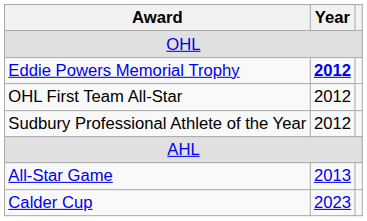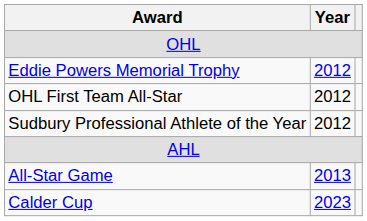 <table class="wikitable">
 <tr>
 <th>Award</th>
 <th>Year</th>
 <th></th>
 </tr>
 <tr ALIGN="center" bgcolor="#e0e0e0">
 <td colspan="3"><a href='#'>OHL</a></td>
 </tr>
 <tr>
 <td><a href='#'>Eddie Powers Memorial Trophy</a></td>
-<td><strong><a href='#'>2012</a></strong></td>
+<td><a href='#'>2012</a></td>
 <td></td>
 </tr>
 <tr>
 <td>OHL First Team All-Star</td>
 <td>2012</td>
 <td></td>
 </tr>
 <tr>
 <td>Sudbury Professional Athlete of the Year</td>
 <td>2012</td>
 <td></td>
 </tr>
 <tr ALIGN="center" bgcolor="#e0e0e0">
 <td colspan="3"><a href='#'>AHL</a></td>
 </tr>
 <tr>
 <td><a href='#'>All-Star Game</a></td>
 <td><a href='#'>2013</a></td>
 <td></td>
 </tr>
 <tr>
 <td><a href='#'>Calder Cup</a></td>
 <td><a href='#'>2023</a></td>
 <td></td>
 </tr>
 </table>
